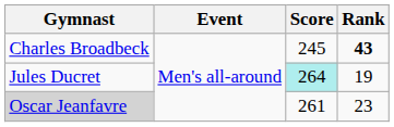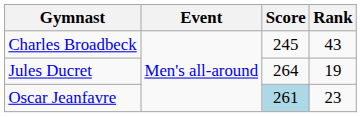 <table class="wikitable sortable" style="text-align:center">
 <tr>
 <th>Gymnast</th>
 <th>Event</th>
 <th>Score</th>
 <th>Rank</th>
 </tr>
 <tr>
 <td align=left><a href='#'>Charles Broadbeck</a></td>
 <td rowspan=3><a href='#'>Men's all-around</a></td>
 <td>245</td>
-<td><strong>43</strong></td>
+<td>43</td>
 </tr>
 <tr>
 <td align=left><a href='#'>Jules Ducret</a></td>
-<td style="background: paleturquoise;">264</td>
+<td>264</td>
 <td>19</td>
 </tr>
 <tr>
-<td align=left style="background: lightgrey;"><a href='#'>Oscar Jeanfavre</a></td>
-<td>261</td>
+<td align=left><a href='#'>Oscar Jeanfavre</a></td>
+<td style="background: lightblue;">261</td>
 <td>23</td>
 </tr>
 </table>
